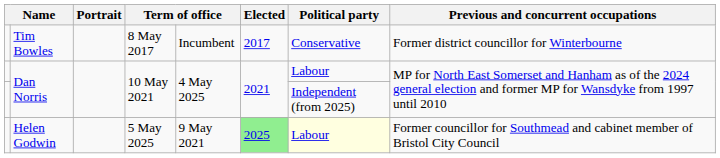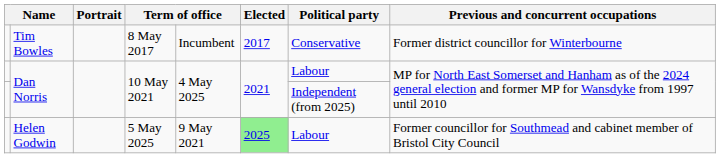 <table class="wikitable">
 <tr>
 <th colspan=2>Name</th>
 <th>Portrait</th>
 <th colspan=2>Term of office</th>
 <th>Elected</th>
 <th>Political party</th>
 <th>Previous and concurrent occupations</th>
 </tr>
 <tr>
 <td style="background-color: "></td>
 <td><a href='#'>Tim Bowles</a></td>
 <td></td>
 <td>8 May 2017</td>
 <td>Incumbent</td>
 <td><a href='#'>2017</a></td>
 <td><a href='#'>Conservative</a></td>
 <td>Former district councillor for <a href='#'>Winterbourne</a></td>
 </tr>
 <tr>
 <td style="background-color: "></td>
 <td rowspan="2"><a href='#'>Dan Norris</a></td>
 <td rowspan="2"></td>
 <td rowspan="2">10 May 2021</td>
 <td rowspan="2">4 May 2025</td>
 <td rowspan="2"><a href='#'>2021</a></td>
 <td><a href='#'>Labour</a></td>
 <td rowspan="2">MP for <a href='#'>North East Somerset and Hanham</a> as of the <a href='#'>2024 general election</a> and former MP for <a href='#'>Wansdyke</a> from 1997 until 2010</td>
 </tr>
 <tr>
 <td style="background-color: "></td>
 <td><a href='#'>Independent</a> (from  2025)</td>
 </tr>
 <tr>
 <td style="background-color: "></td>
 <td><a href='#'>Helen Godwin</a></td>
 <td></td>
 <td>5 May 2025</td>
 <td>9 May 2021</td>
 <td style="background: lightgreen;"><a href='#'>2025</a></td>
-<td style="background: lightyellow;"><a href='#'>Labour</a></td>
+<td><a href='#'>Labour</a></td>
 <td>Former councillor for <a href='#'>Southmead</a> and cabinet member of Bristol City Council</td>
 </tr>
 </table>
